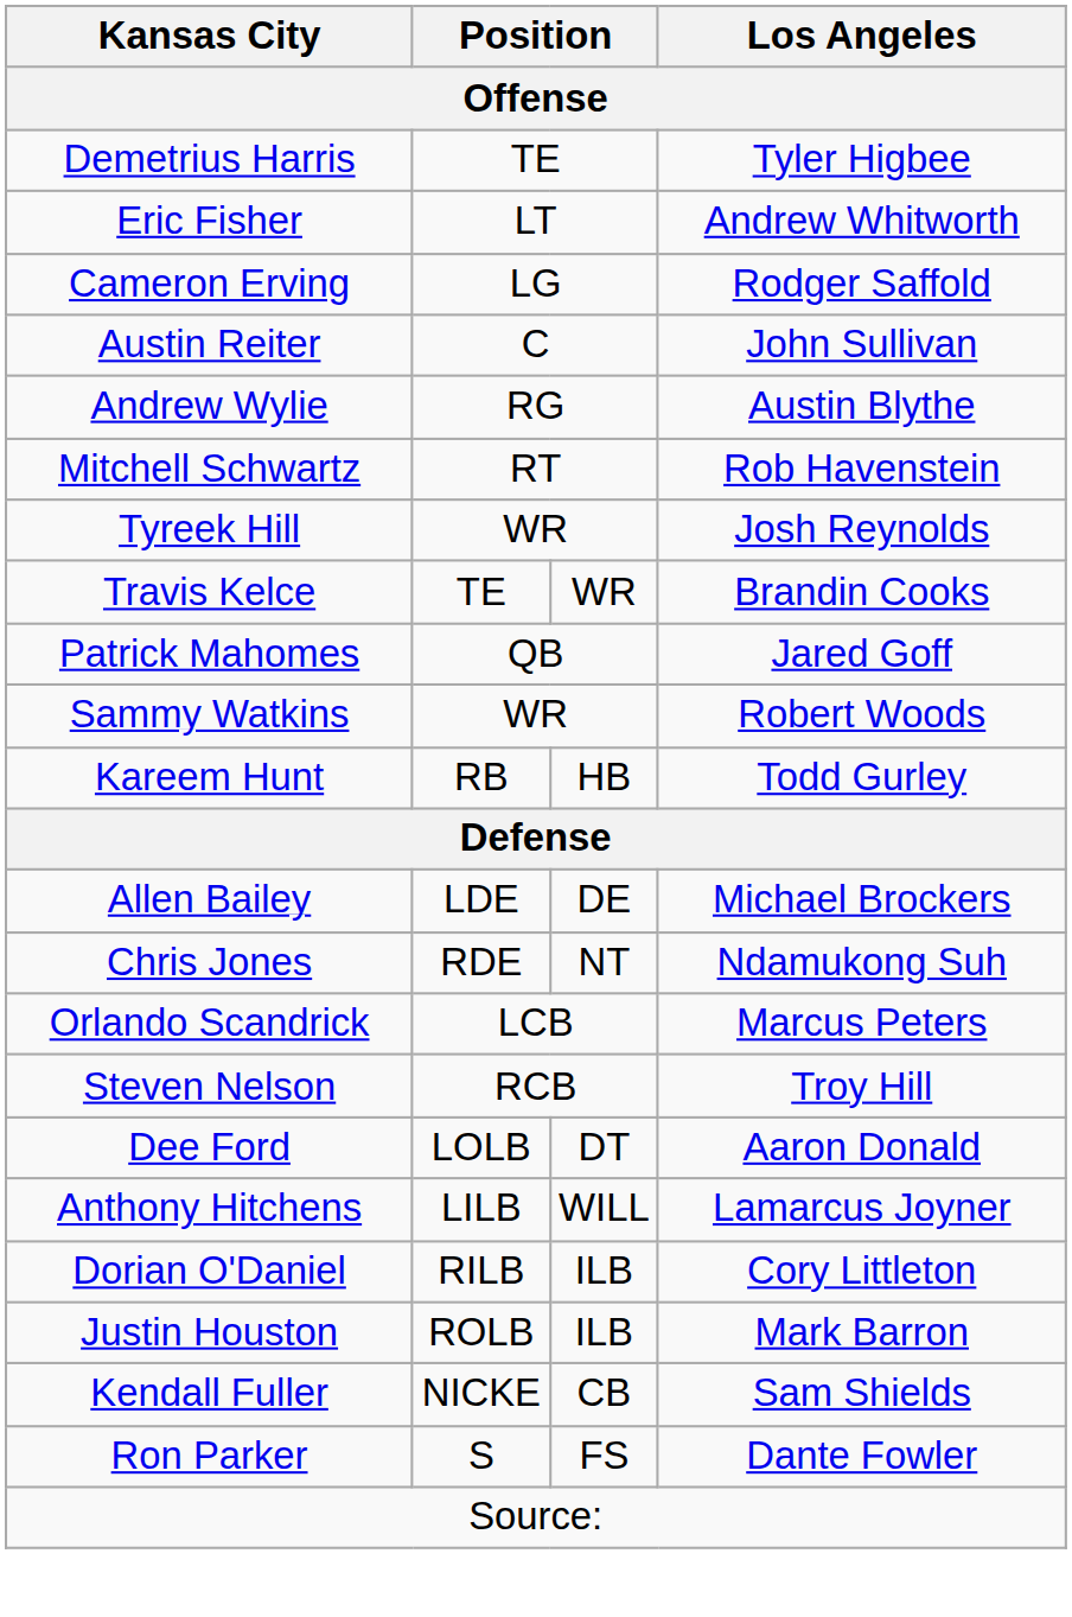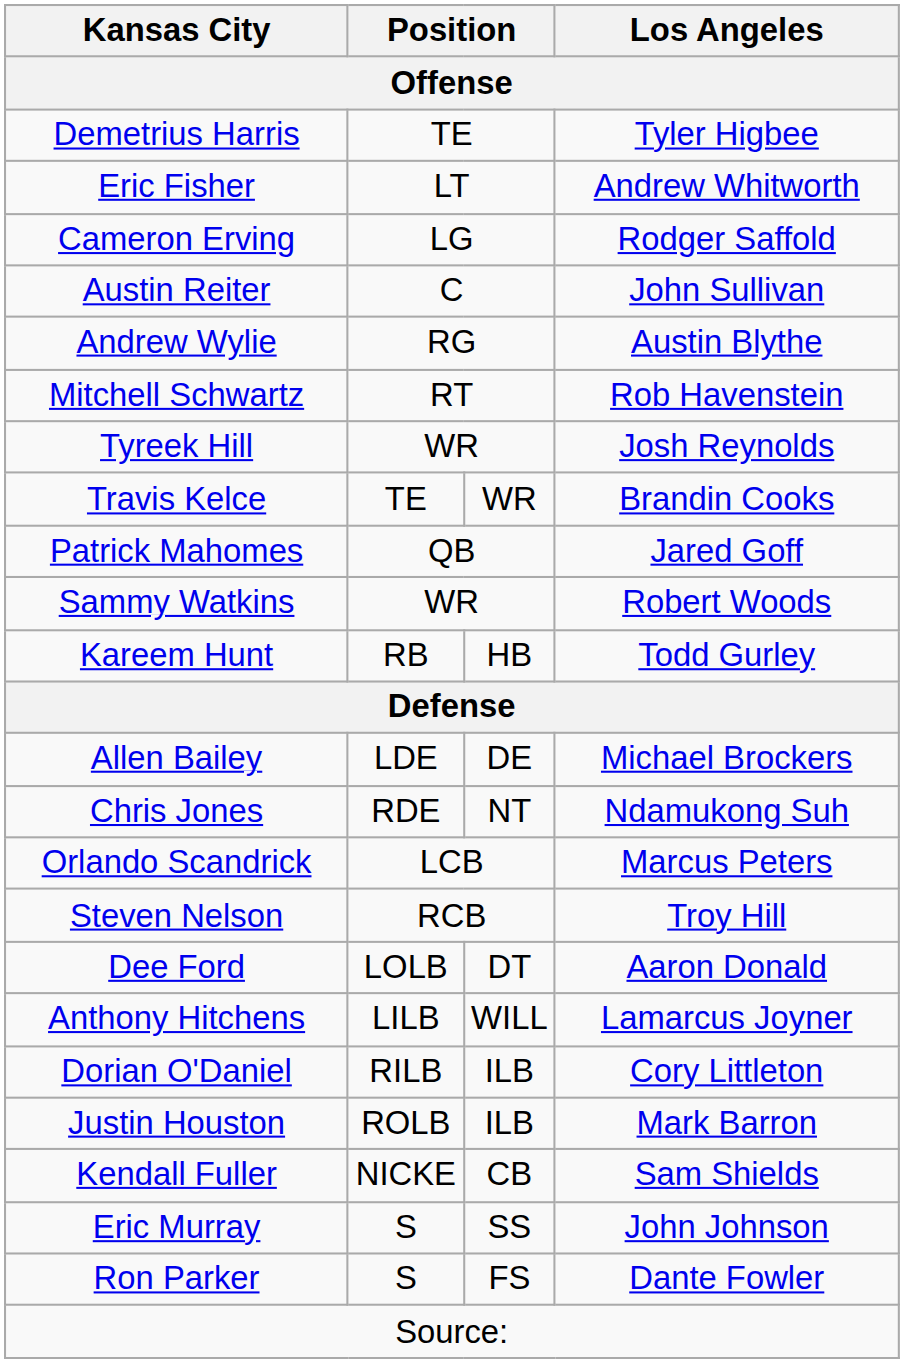 <table class="wikitable" style="text-align:center">
 <tr>
 <th style="width:160px">Kansas City</th>
 <th colspan="2">Position</th>
 <th style="width:160px">Los Angeles</th>
 </tr>
 <tr>
 <th colspan="4" style="text-align:center">Offense</th>
 </tr>
 <tr>
 <td><a href='#'>Demetrius Harris</a></td>
 <td colspan="2" style="text-align:center">TE</td>
 <td><a href='#'>Tyler Higbee</a></td>
 </tr>
 <tr>
 <td><a href='#'>Eric Fisher</a></td>
 <td colspan="2" style="text-align:center">LT</td>
 <td><a href='#'>Andrew Whitworth</a></td>
 </tr>
 <tr>
 <td><a href='#'>Cameron Erving</a></td>
 <td colspan="2" style="text-align:center">LG</td>
 <td><a href='#'>Rodger Saffold</a></td>
 </tr>
 <tr>
 <td><a href='#'>Austin Reiter</a></td>
 <td colspan="2" style="text-align:center">C</td>
 <td><a href='#'>John Sullivan</a></td>
 </tr>
 <tr>
 <td><a href='#'>Andrew Wylie</a></td>
 <td colspan="2" style="text-align:center">RG</td>
 <td><a href='#'>Austin Blythe</a></td>
 </tr>
 <tr>
 <td><a href='#'>Mitchell Schwartz</a></td>
 <td colspan="2" style="text-align:center">RT</td>
 <td><a href='#'>Rob Havenstein</a></td>
 </tr>
 <tr>
 <td><a href='#'>Tyreek Hill</a></td>
 <td colspan="2" style="text-align:center">WR</td>
 <td><a href='#'>Josh Reynolds</a></td>
 </tr>
 <tr>
 <td><a href='#'>Travis Kelce</a></td>
 <td style="text-align:center">TE</td>
 <td style="text-align:center">WR</td>
 <td><a href='#'>Brandin Cooks</a></td>
 </tr>
 <tr>
 <td><a href='#'>Patrick Mahomes</a></td>
 <td colspan="2" style="text-align:center">QB</td>
 <td><a href='#'>Jared Goff</a></td>
 </tr>
 <tr>
 <td><a href='#'>Sammy Watkins</a></td>
 <td colspan="2" style="text-align:center">WR</td>
 <td><a href='#'>Robert Woods</a></td>
 </tr>
 <tr>
 <td><a href='#'>Kareem Hunt</a></td>
 <td style="text-align:center">RB</td>
 <td style="text-align:center">HB</td>
 <td><a href='#'>Todd Gurley</a></td>
 </tr>
 <tr>
 <th colspan="4" style="text-align:center">Defense</th>
 </tr>
 <tr>
 <td><a href='#'>Allen Bailey</a></td>
 <td style="text-align:center">LDE</td>
 <td style="text-align:center">DE</td>
 <td><a href='#'>Michael Brockers</a></td>
 </tr>
 <tr>
 <td><a href='#'>Chris Jones</a></td>
 <td style="text-align:center">RDE</td>
 <td style="text-align:center">NT</td>
 <td><a href='#'>Ndamukong Suh</a></td>
 </tr>
 <tr>
 <td><a href='#'>Orlando Scandrick</a></td>
 <td colspan="2" style="text-align:center">LCB</td>
 <td><a href='#'>Marcus Peters</a></td>
 </tr>
 <tr>
 <td><a href='#'>Steven Nelson</a></td>
 <td colspan="2" style="text-align:center">RCB</td>
 <td><a href='#'>Troy Hill</a></td>
 </tr>
 <tr>
 <td><a href='#'>Dee Ford</a></td>
 <td style="text-align:center">LOLB</td>
 <td style="text-align:center">DT</td>
 <td><a href='#'>Aaron Donald</a></td>
 </tr>
 <tr>
 <td><a href='#'>Anthony Hitchens</a></td>
 <td style="text-align:center">LILB</td>
 <td style="text-align:center">WILL</td>
 <td><a href='#'>Lamarcus Joyner</a></td>
 </tr>
 <tr>
 <td><a href='#'>Dorian O'Daniel</a></td>
 <td style="text-align:center">RILB</td>
 <td style="text-align:center">ILB</td>
 <td><a href='#'>Cory Littleton</a></td>
 </tr>
 <tr>
 <td><a href='#'>Justin Houston</a></td>
 <td style="text-align:center">ROLB</td>
 <td style="text-align:center">ILB</td>
 <td><a href='#'>Mark Barron</a></td>
 </tr>
 <tr>
 <td><a href='#'>Kendall Fuller</a></td>
 <td style="text-align:center">NICKE</td>
 <td style="text-align:center">CB</td>
 <td><a href='#'>Sam Shields</a></td>
 </tr>
 <tr>
+<td><a href='#'>Eric Murray</a></td>
+<td style="text-align:center">S</td>
+<td style="text-align:center">SS</td>
+<td><a href='#'>John Johnson</a></td>
+</tr>
+<tr>
 <td><a href='#'>Ron Parker</a></td>
 <td style="text-align:center">S</td>
 <td style="text-align:center">FS</td>
 <td><a href='#'>Dante Fowler</a></td>
 </tr>
 <tr>
 <td colspan="4">Source:</td>
 </tr>
 </table>
